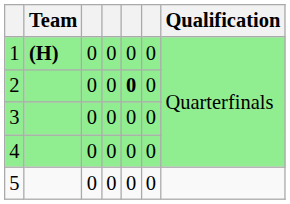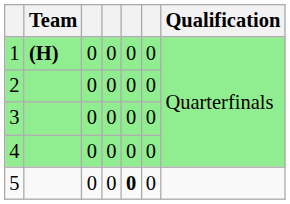 <table class="wikitable">
 <tr>
 <th></th>
 <th>Team</th>
 <th></th>
 <th></th>
 <th></th>
 <th></th>
 <th>Qualification</th>
 </tr>
 <tr bgcolor=lightgreen>
 <td>1</td>
 <td> <strong>(H)</strong></td>
 <td>0</td>
 <td>0</td>
 <td>0</td>
 <td>0</td>
 <td rowspan=4>Quarterfinals</td>
 </tr>
 <tr bgcolor=lightgreen>
 <td>2</td>
 <td></td>
 <td>0</td>
 <td>0</td>
-<td><strong>0</strong></td>
+<td>0</td>
 <td>0</td>
 </tr>
 <tr bgcolor=lightgreen>
 <td>3</td>
 <td></td>
 <td>0</td>
 <td>0</td>
 <td>0</td>
 <td>0</td>
 </tr>
 <tr bgcolor=lightgreen>
 <td>4</td>
 <td></td>
 <td>0</td>
 <td>0</td>
 <td>0</td>
 <td>0</td>
 </tr>
 <tr>
 <td>5</td>
 <td></td>
 <td>0</td>
 <td>0</td>
-<td>0</td>
+<td><strong>0</strong></td>
 <td>0</td>
 <td></td>
 </tr>
 </table>
